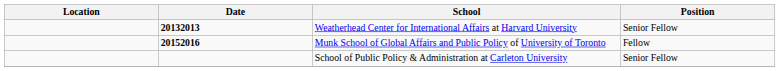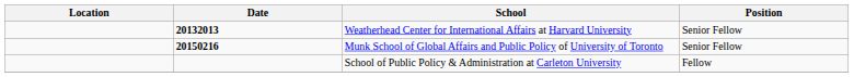 <table class="wikitable" style="width:100%;">
 <tr>
 <th style="width:20%;">Location</th>
 <th style="width:20%;">Date</th>
 <th style="width:40%;">School</th>
 <th style="width:20%;">Position</th>
 </tr>
 <tr>
 <td></td>
 <td><strong>20132013</strong></td>
 <td><a href='#'>Weatherhead Center for International Affairs</a> at <a href='#'>Harvard University</a></td>
 <td>Senior Fellow</td>
 </tr>
 <tr>
 <td></td>
-<td><strong>20152016</strong></td>
+<td><strong>20150216</strong></td>
 <td><a href='#'>Munk School of Global Affairs and Public Policy</a> of <a href='#'>University of Toronto</a></td>
-<td>Fellow  </td>
+<td>Senior Fellow </td>
 </tr>
 <tr>
 <td></td>
 <td></td>
 <td>School of Public Policy & Administration at <a href='#'>Carleton University</a></td>
-<td>Senior Fellow </td>
+<td>Fellow  </td>
 </tr>
 <tr>
 </tr>
 </table>
